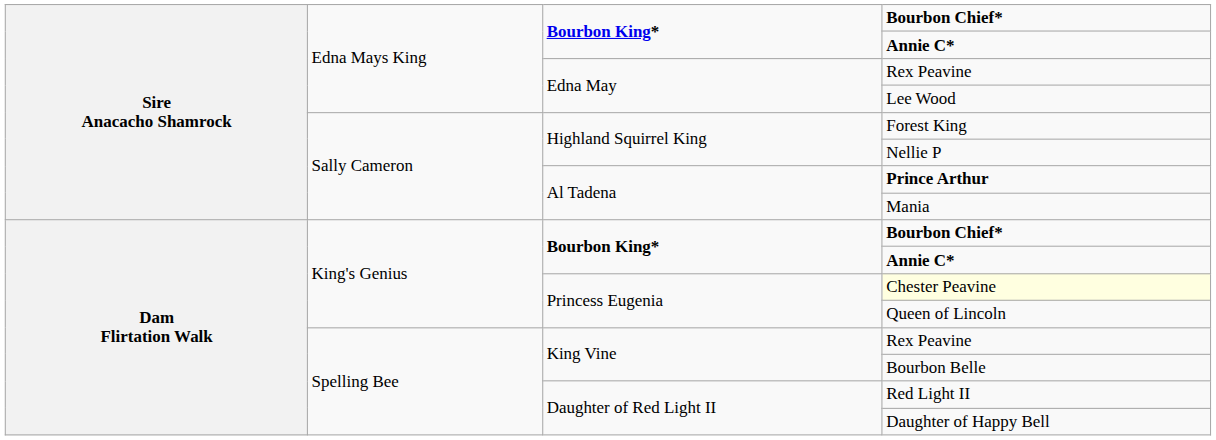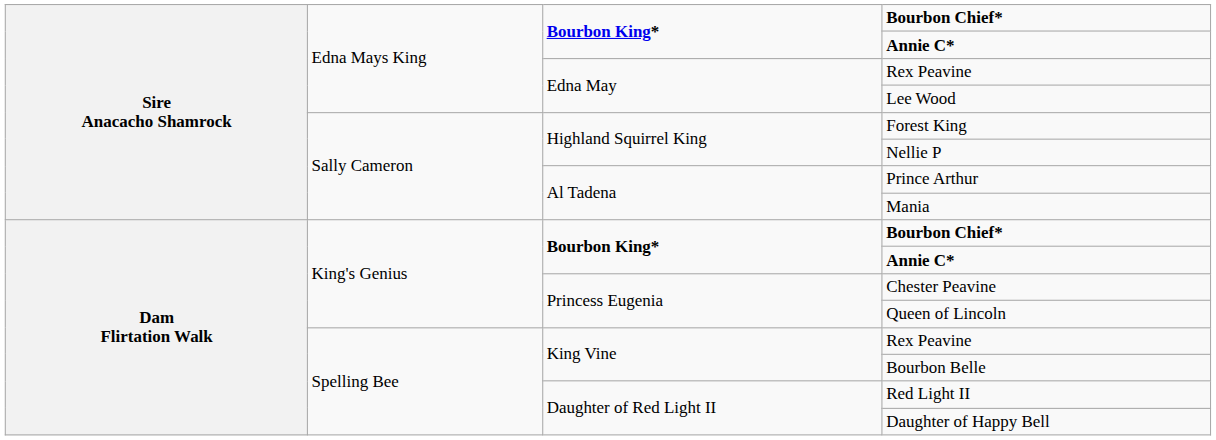 <table class="wikitable" style="clear:both; margin:0em auto; width:90%;">
 <tr>
 <th rowspan="8">Sire<br>Anacacho Shamrock</th>
 <td rowspan="4">Edna Mays King</td>
 <td rowspan="2"><strong><a href='#'>Bourbon King</a>*</strong></td>
 <td><strong>Bourbon Chief*</strong></td>
 </tr>
 <tr>
 <td><strong>Annie C*</strong></td>
 </tr>
 <tr>
 <td rowspan="2">Edna May</td>
 <td>Rex Peavine</td>
 </tr>
 <tr>
 <td>Lee Wood</td>
 </tr>
 <tr>
 <td rowspan="4">Sally Cameron</td>
 <td rowspan="2">Highland Squirrel King</td>
 <td>Forest King</td>
 </tr>
 <tr>
 <td>Nellie P</td>
 </tr>
 <tr>
 <td rowspan="2">Al Tadena</td>
-<td><strong>Prince Arthur</strong></td>
+<td>Prince Arthur</td>
 </tr>
 <tr>
 <td>Mania</td>
 </tr>
 <tr>
 <th rowspan="8">Dam<br>Flirtation Walk</th>
 <td rowspan="4">King's Genius</td>
 <td rowspan="2"><strong>Bourbon King*</strong></td>
 <td><strong>Bourbon Chief*</strong></td>
 </tr>
 <tr>
 <td><strong>Annie C*</strong></td>
 </tr>
 <tr>
 <td rowspan="2">Princess Eugenia</td>
-<td style="background: lightyellow;">Chester Peavine</td>
+<td>Chester Peavine</td>
 </tr>
 <tr>
 <td>Queen of Lincoln</td>
 </tr>
 <tr>
 <td rowspan="4">Spelling Bee</td>
 <td rowspan="2">King Vine</td>
 <td>Rex Peavine</td>
 </tr>
 <tr>
 <td>Bourbon Belle</td>
 </tr>
 <tr>
 <td rowspan="2">Daughter of Red Light II</td>
 <td>Red Light II</td>
 </tr>
 <tr>
 <td>Daughter of Happy Bell</td>
 </tr>
 </table>
